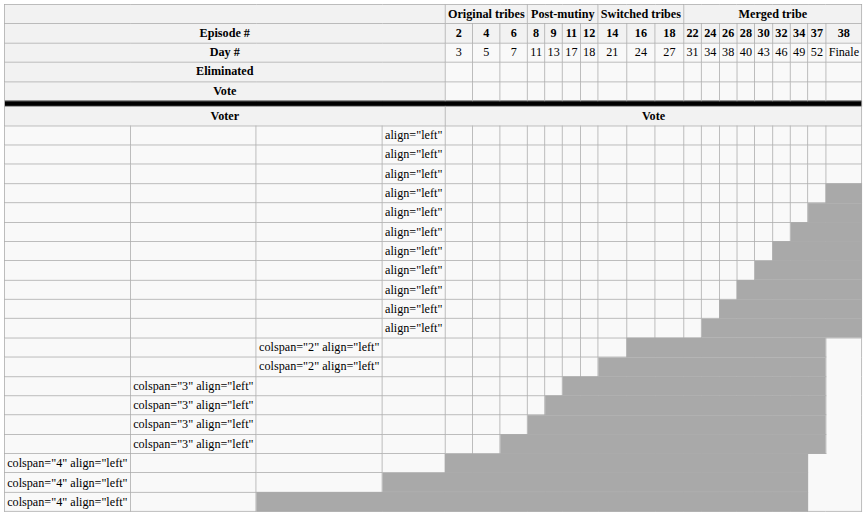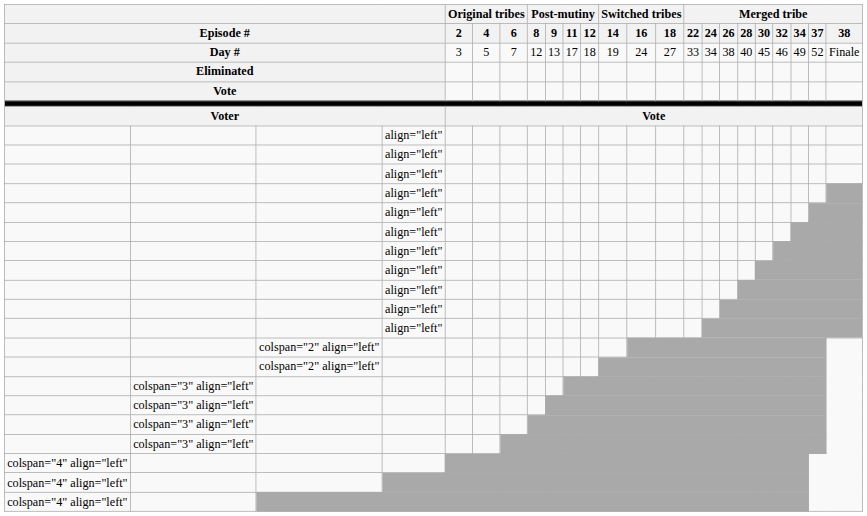 <table class="wikitable nowrap" style="text-align: center;">
 <tr>
 <th colspan="4"></th>
 <th colspan="3">Original tribes</th>
 <th colspan="4">Post-mutiny</th>
 <th colspan="3">Switched tribes</th>
 <th colspan="9">Merged tribe</th>
 </tr>
 <tr>
 <th colspan="4">Episode #</th>
 <th>2</th>
 <th>4</th>
 <th>6</th>
 <th>8</th>
 <th>9</th>
 <th>11</th>
 <th>12</th>
 <th>14</th>
 <th>16</th>
 <th>18</th>
 <th>22</th>
 <th>24</th>
 <th>26</th>
 <th>28</th>
 <th>30</th>
 <th>32</th>
 <th>34</th>
 <th>37</th>
 <th>38</th>
 </tr>
 <tr>
 <th colspan="4">Day #</th>
 <td>3</td>
 <td>5</td>
 <td>7</td>
-<td>11</td>
+<td>12</td>
 <td>13</td>
 <td>17</td>
 <td>18</td>
-<td>21</td>
+<td>19</td>
 <td>24</td>
 <td>27</td>
-<td>31</td>
+<td>33</td>
 <td>34</td>
 <td>38</td>
 <td>40</td>
-<td>43</td>
+<td>45</td>
 <td>46</td>
 <td>49</td>
 <td>52</td>
 <td>Finale</td>
 </tr>
 <tr>
 <th colspan="4">Eliminated</th>
 <td></td>
 <td></td>
 <td></td>
 <td></td>
 <td></td>
 <td></td>
 <td></td>
 <td></td>
 <td></td>
 <td></td>
 <td></td>
 <td></td>
 <td></td>
 <td></td>
 <td></td>
 <td></td>
 <td></td>
 <td></td>
 <td></td>
 </tr>
 <tr>
 <th colspan="4">Vote</th>
 <td></td>
 <td></td>
 <td></td>
 <td></td>
 <td></td>
 <td></td>
 <td></td>
 <td></td>
 <td></td>
 <td></td>
 <td></td>
 <td></td>
 <td></td>
 <td></td>
 <td></td>
 <td></td>
 <td></td>
 <td></td>
 <td></td>
 </tr>
 <tr>
 <td bgcolor=black colspan=23></td>
 </tr>
 <tr>
 <th colspan="4">Voter</th>
 <th colspan="19" style="text-align: center;">Vote</th>
 </tr>
 <tr>
 <td></td>
 <td></td>
 <td></td>
 <td>align="left" </td>
 <td></td>
 <td></td>
 <td></td>
 <td></td>
 <td></td>
 <td></td>
 <td></td>
 <td></td>
 <td></td>
 <td></td>
 <td></td>
 <td></td>
 <td></td>
 <td></td>
 <td></td>
 <td></td>
 <td></td>
 <td></td>
 <td></td>
 </tr>
 <tr>
 <td></td>
 <td></td>
 <td></td>
 <td>align="left" </td>
 <td></td>
 <td></td>
 <td></td>
 <td></td>
 <td></td>
 <td></td>
 <td></td>
 <td></td>
 <td></td>
 <td></td>
 <td></td>
 <td></td>
 <td></td>
 <td></td>
 <td></td>
 <td></td>
 <td></td>
 <td></td>
 <td></td>
 </tr>
 <tr>
 <td></td>
 <td></td>
 <td></td>
 <td>align="left" </td>
 <td></td>
 <td></td>
 <td></td>
 <td></td>
 <td></td>
 <td></td>
 <td></td>
 <td></td>
 <td></td>
 <td></td>
 <td></td>
 <td></td>
 <td></td>
 <td></td>
 <td></td>
 <td></td>
 <td></td>
 <td></td>
 <td></td>
 </tr>
 <tr>
 <td></td>
 <td></td>
 <td></td>
 <td>align="left" </td>
 <td></td>
 <td></td>
 <td></td>
 <td></td>
 <td></td>
 <td></td>
 <td></td>
 <td></td>
 <td></td>
 <td></td>
 <td></td>
 <td></td>
 <td></td>
 <td></td>
 <td></td>
 <td></td>
 <td></td>
 <td></td>
 <td style="text-align: center; background-color: darkgray;"></td>
 </tr>
 <tr>
 <td></td>
 <td></td>
 <td></td>
 <td>align="left" </td>
 <td></td>
 <td></td>
 <td></td>
 <td></td>
 <td></td>
 <td></td>
 <td></td>
 <td></td>
 <td></td>
 <td></td>
 <td></td>
 <td></td>
 <td></td>
 <td></td>
 <td></td>
 <td></td>
 <td></td>
 <td style="text-align: center; background-color:darkgray;" colspan=2></td>
 </tr>
 <tr>
 <td></td>
 <td></td>
 <td></td>
 <td>align="left" </td>
 <td></td>
 <td></td>
 <td></td>
 <td></td>
 <td></td>
 <td></td>
 <td></td>
 <td></td>
 <td></td>
 <td></td>
 <td></td>
 <td></td>
 <td></td>
 <td></td>
 <td></td>
 <td></td>
 <td style="text-align: center; background-color:darkgray;" colspan=3></td>
 </tr>
 <tr>
 <td></td>
 <td></td>
 <td></td>
 <td>align="left" </td>
 <td></td>
 <td></td>
 <td></td>
 <td></td>
 <td></td>
 <td></td>
 <td></td>
 <td></td>
 <td></td>
 <td></td>
 <td></td>
 <td></td>
 <td></td>
 <td></td>
 <td></td>
 <td style="text-align: center; background-color:darkgray;" colspan=4></td>
 </tr>
 <tr>
 <td></td>
 <td></td>
 <td></td>
 <td>align="left" </td>
 <td></td>
 <td></td>
 <td></td>
 <td></td>
 <td></td>
 <td></td>
 <td></td>
 <td></td>
 <td></td>
 <td></td>
 <td></td>
 <td></td>
 <td></td>
 <td></td>
 <td style="text-align: center; background-color:darkgray;" colspan=5></td>
 </tr>
 <tr>
 <td></td>
 <td></td>
 <td></td>
 <td>align="left" </td>
 <td></td>
 <td></td>
 <td></td>
 <td></td>
 <td></td>
 <td></td>
 <td></td>
 <td></td>
 <td></td>
 <td></td>
 <td></td>
 <td></td>
 <td></td>
 <td style="text-align: center; background-color:darkgray;" colspan=6></td>
 </tr>
 <tr>
 <td></td>
 <td></td>
 <td></td>
 <td>align="left" </td>
 <td></td>
 <td></td>
 <td></td>
 <td></td>
 <td></td>
 <td></td>
 <td></td>
 <td></td>
 <td></td>
 <td></td>
 <td></td>
 <td></td>
 <td style="text-align: center; background-color:darkgray;" colspan=7></td>
 </tr>
 <tr>
 <td></td>
 <td></td>
 <td></td>
 <td>align="left" </td>
 <td></td>
 <td></td>
 <td></td>
 <td></td>
 <td></td>
 <td></td>
 <td></td>
 <td></td>
 <td></td>
 <td></td>
 <td></td>
 <td style="text-align: center; background-color:darkgray;" colspan=8></td>
 </tr>
 <tr>
 <td></td>
 <td></td>
 <td>colspan="2" align="left" </td>
 <td></td>
 <td></td>
 <td></td>
 <td></td>
 <td></td>
 <td></td>
 <td></td>
 <td></td>
 <td></td>
 <td style="text-align: center; background-color:darkgray;" colspan=10></td>
 </tr>
 <tr>
 <td></td>
 <td></td>
 <td>colspan="2" align="left" </td>
 <td></td>
 <td></td>
 <td></td>
 <td></td>
 <td></td>
 <td></td>
 <td></td>
 <td></td>
 <td style="text-align: center; background-color:darkgray;" colspan=11></td>
 </tr>
 <tr>
 <td></td>
 <td>colspan="3" align="left" </td>
 <td></td>
 <td></td>
 <td></td>
 <td></td>
 <td></td>
 <td></td>
 <td></td>
 <td style="text-align: center; background-color:darkgray;" colspan=13></td>
 </tr>
 <tr>
 <td></td>
 <td>colspan="3" align="left" </td>
 <td></td>
 <td></td>
 <td></td>
 <td></td>
 <td></td>
 <td></td>
 <td style="text-align: center; background-color:darkgray;" colspan=14></td>
 </tr>
 <tr>
 <td></td>
 <td>colspan="3" align="left" </td>
 <td></td>
 <td></td>
 <td></td>
 <td></td>
 <td></td>
 <td style="text-align: center; background-color:darkgray;" colspan=15></td>
 </tr>
 <tr>
 <td></td>
 <td>colspan="3" align="left" </td>
 <td></td>
 <td></td>
 <td></td>
 <td></td>
 <td style="text-align: center; background-color:darkgray;" colspan=16></td>
 </tr>
 <tr>
 <td>colspan="4" align="left" </td>
 <td></td>
 <td></td>
 <td></td>
 <td style="text-align: center; background-color:darkgray;" colspan=17></td>
 </tr>
 <tr>
 <td>colspan="4" align="left" </td>
 <td></td>
 <td></td>
 <td style="text-align: center; background-color:darkgray;" colspan=18></td>
 </tr>
 <tr>
 <td>colspan="4" align="left" </td>
 <td></td>
 <td style="text-align: center; background-color:darkgray;" colspan=19></td>
 </tr>
 </table>
